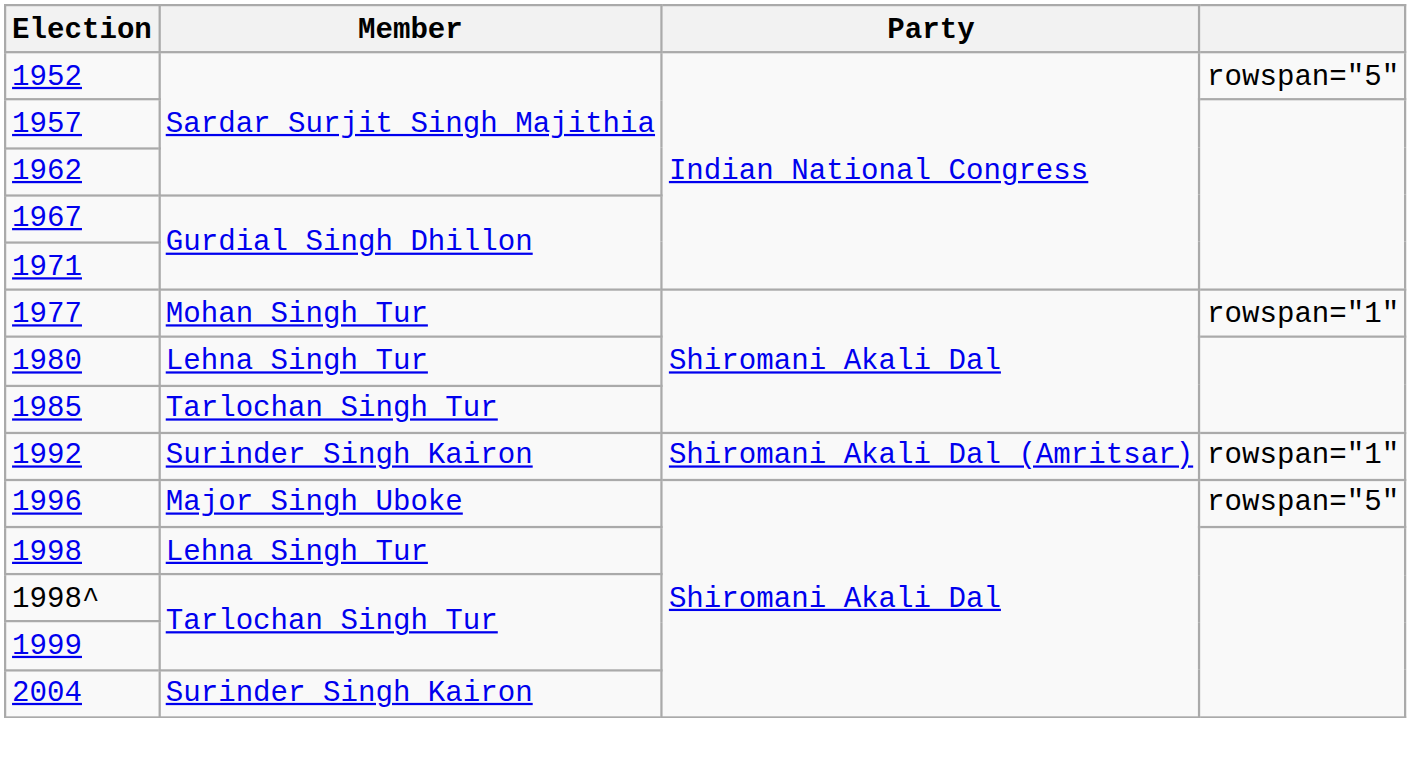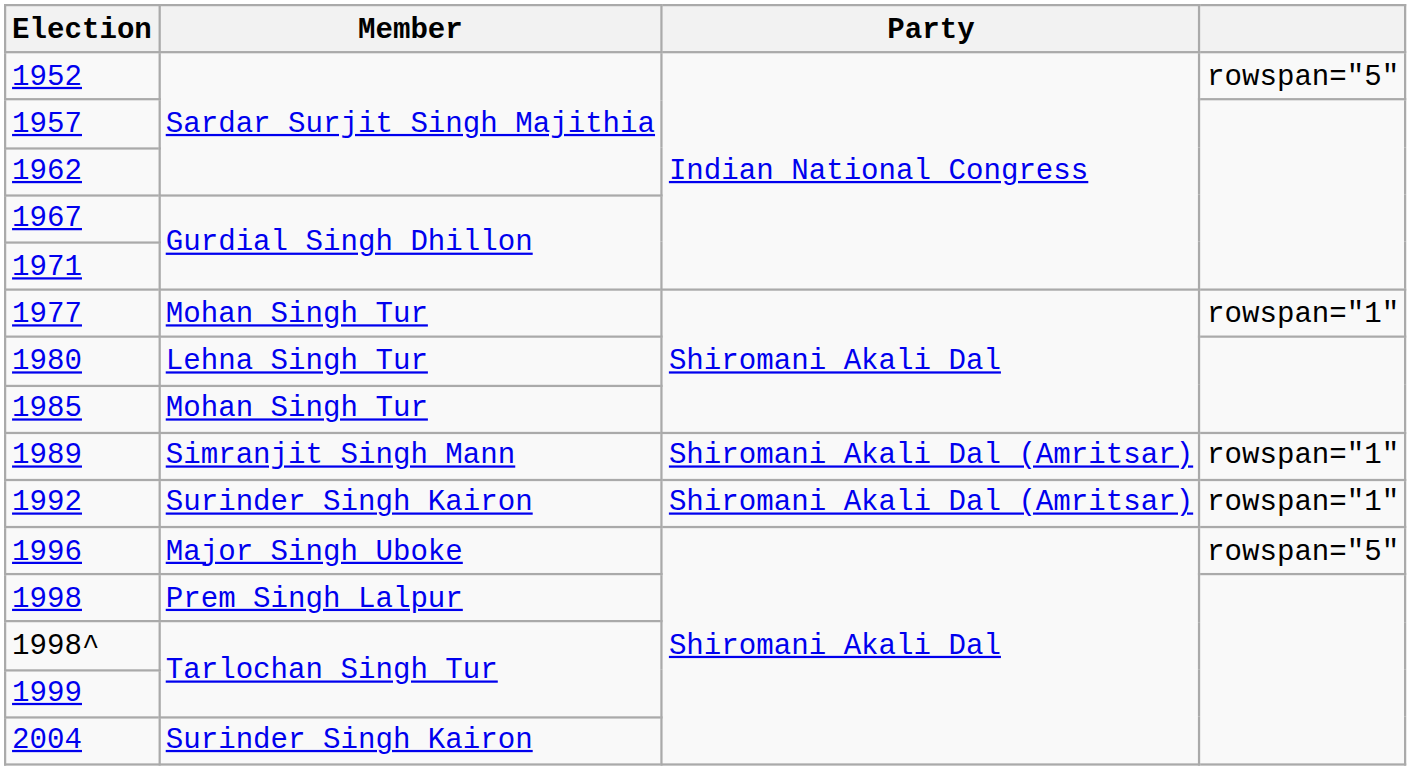 <table class="wikitable">
 <tr>
 <th>Election</th>
 <th>Member</th>
 <th>Party</th>
 <th></th>
 </tr>
 <tr>
 <td><a href='#'>1952</a></td>
 <td rowspan="3"><a href='#'>Sardar Surjit Singh Majithia</a></td>
 <td rowspan="5"><a href='#'>Indian National Congress</a></td>
 <td>rowspan="5" </td>
 </tr>
 <tr>
 <td><a href='#'>1957</a></td>
 </tr>
 <tr>
 <td><a href='#'>1962</a></td>
 </tr>
 <tr>
 <td><a href='#'>1967</a></td>
 <td rowspan="2"><a href='#'>Gurdial Singh Dhillon</a></td>
 </tr>
 <tr>
 <td><a href='#'>1971</a></td>
 </tr>
 <tr>
 <td><a href='#'>1977</a></td>
 <td><a href='#'>Mohan Singh Tur</a></td>
 <td rowspan="3"><a href='#'>Shiromani Akali Dal</a></td>
 <td>rowspan="1" </td>
 </tr>
 <tr>
 <td><a href='#'>1980</a></td>
 <td><a href='#'>Lehna Singh Tur</a></td>
 </tr>
 <tr>
 <td><a href='#'>1985</a></td>
-<td><a href='#'>Tarlochan Singh Tur</a></td>
+<td><a href='#'>Mohan Singh Tur</a></td>
+</tr>
+<tr>
+<td><a href='#'>1989</a></td>
+<td><a href='#'>Simranjit Singh Mann</a></td>
+<td><a href='#'>Shiromani Akali Dal (Amritsar)</a></td>
+<td>rowspan="1" </td>
 </tr>
 <tr>
 <td><a href='#'>1992</a></td>
 <td><a href='#'>Surinder Singh Kairon</a></td>
 <td><a href='#'>Shiromani Akali Dal (Amritsar)</a></td>
 <td>rowspan="1" </td>
 </tr>
 <tr>
 <td><a href='#'>1996</a></td>
 <td><a href='#'>Major Singh Uboke</a></td>
 <td rowspan="5"><a href='#'>Shiromani Akali Dal</a></td>
 <td>rowspan="5" </td>
 </tr>
 <tr>
 <td><a href='#'>1998</a></td>
-<td><a href='#'>Lehna Singh Tur</a></td>
+<td><a href='#'>Prem Singh Lalpur</a></td>
 </tr>
 <tr>
 <td>1998^</td>
 <td rowspan=2><a href='#'>Tarlochan Singh Tur</a></td>
 </tr>
 <tr>
 <td><a href='#'>1999</a></td>
 </tr>
 <tr>
 <td><a href='#'>2004</a></td>
 <td><a href='#'>Surinder Singh Kairon</a></td>
 </tr>
 </table>
